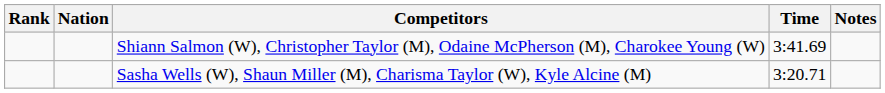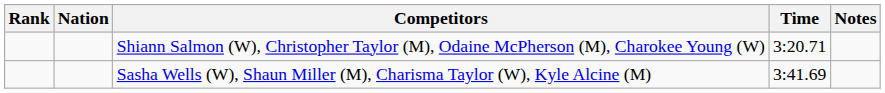 <table class="wikitable sortable" style="text-align:center">
 <tr>
 <th>Rank</th>
 <th>Nation</th>
 <th>Competitors</th>
 <th>Time</th>
 <th>Notes</th>
 </tr>
 <tr>
 <td></td>
 <td align=left></td>
 <td align=left><a href='#'>Shiann Salmon</a> (W), <a href='#'>Christopher Taylor</a> (M), <a href='#'>Odaine McPherson</a> (M), <a href='#'>Charokee Young</a> (W)</td>
-<td>3:41.69</td>
+<td>3:20.71</td>
 <td></td>
 </tr>
 <tr>
 <td></td>
 <td align=left></td>
 <td align=left><a href='#'>Sasha Wells</a> (W), <a href='#'>Shaun Miller</a> (M), <a href='#'>Charisma Taylor</a> (W), <a href='#'>Kyle Alcine</a> (M)</td>
-<td>3:20.71</td>
+<td>3:41.69</td>
 <td></td>
 </tr>
 </table>
